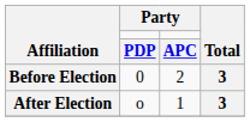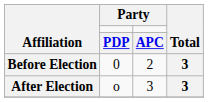 <table class=wikitable style="text-align:center">
 <tr style="vertical-align:bottom;">
 <th rowspan=3>Affiliation</th>
 <th colspan=2>Party</th>
 <th rowspan=3>Total</th>
 </tr>
 <tr>
 <td style="background-color:"></td>
 <td style="background-color:"></td>
 </tr>
 <tr>
 <th><a href='#'>PDP</a></th>
 <th><a href='#'>APC</a></th>
 </tr>
 <tr>
 <th>Before Election</th>
 <td>0</td>
 <td>2</td>
 <th>3</th>
 </tr>
 <tr>
 <th>After Election</th>
 <td>o</td>
-<td>1</td>
+<td>3</td>
 <th>3</th>
 </tr>
 <tr>
 </tr>
 </table>
